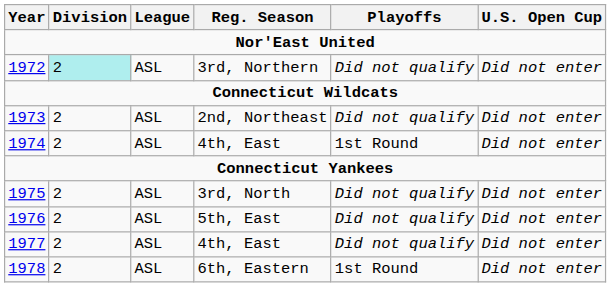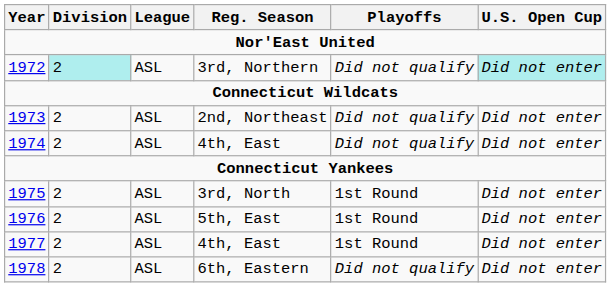 <table class="wikitable">
 <tr>
 <th>Year</th>
 <th>Division</th>
 <th>League</th>
 <th>Reg. Season</th>
 <th>Playoffs</th>
 <th>U.S. Open Cup</th>
 </tr>
 <tr>
 <td colspan="6" style="text-align:center;"><strong>Nor'East United</strong></td>
 </tr>
 <tr>
 <td><a href='#'>1972</a></td>
 <td style="background: paleturquoise;">2</td>
 <td>ASL</td>
 <td>3rd, Northern</td>
 <td><em>Did not qualify</em></td>
-<td><em>Did not enter</em></td>
+<td style="background: paleturquoise;"><em>Did not enter</em></td>
 </tr>
 <tr>
 <td colspan="6" style="text-align:center;"><strong>Connecticut Wildcats</strong></td>
 </tr>
 <tr>
 <td><a href='#'>1973</a></td>
 <td>2</td>
 <td>ASL</td>
 <td>2nd, Northeast</td>
 <td><em>Did not qualify</em></td>
 <td><em>Did not enter</em></td>
 </tr>
 <tr>
 <td><a href='#'>1974</a></td>
 <td>2</td>
 <td>ASL</td>
 <td>4th, East</td>
-<td>1st Round</td>
+<td><em>Did not qualify</em></td>
 <td><em>Did not enter</em></td>
 </tr>
 <tr>
 <td colspan="6" style="text-align:center;"><strong>Connecticut Yankees</strong></td>
 </tr>
 <tr>
 <td><a href='#'>1975</a></td>
 <td>2</td>
 <td>ASL</td>
 <td>3rd, North</td>
-<td><em>Did not qualify</em></td>
+<td>1st Round</td>
 <td><em>Did not enter</em></td>
 </tr>
 <tr>
 <td><a href='#'>1976</a></td>
 <td>2</td>
 <td>ASL</td>
 <td>5th, East</td>
-<td><em>Did not qualify</em></td>
+<td>1st Round</td>
 <td><em>Did not enter</em></td>
 </tr>
 <tr>
 <td><a href='#'>1977</a></td>
 <td>2</td>
 <td>ASL</td>
 <td>4th, East</td>
-<td><em>Did not qualify</em></td>
+<td>1st Round</td>
 <td><em>Did not enter</em></td>
 </tr>
 <tr>
 <td><a href='#'>1978</a></td>
 <td>2</td>
 <td>ASL</td>
 <td>6th, Eastern</td>
-<td>1st Round</td>
+<td><em>Did not qualify</em></td>
 <td><em>Did not enter</em></td>
 </tr>
 </table>
